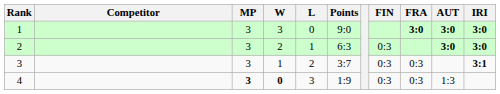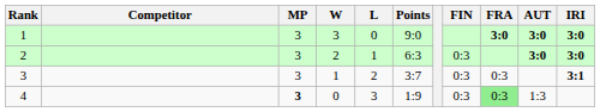 <table class="wikitable" style="text-align:center">
 <tr>
 <th>Rank</th>
 <th style="width:18em">Competitor</th>
 <th style="width:2.5em">MP</th>
 <th style="width:2.5em">W</th>
 <th style="width:2.5em">L</th>
 <th>Points</th>
 <th rowspan="5"> </th>
 <th style="width:2.5em">FIN</th>
 <th style="width:2.5em">FRA</th>
 <th style="width:2.5em">AUT</th>
 <th style="width:2.5em">IRI</th>
 </tr>
 <tr style="background:#cfc;">
 <td>1</td>
 <td style="text-align:left"></td>
 <td>3</td>
 <td>3</td>
 <td>0</td>
 <td>9:0</td>
 <td></td>
 <td><strong>3:0</strong></td>
 <td><strong>3:0</strong></td>
 <td><strong>3:0</strong></td>
 </tr>
 <tr style="background:#cfc;">
 <td>2</td>
 <td style="text-align:left"></td>
 <td>3</td>
 <td>2</td>
 <td>1</td>
 <td>6:3</td>
 <td>0:3</td>
 <td></td>
 <td><strong>3:0</strong></td>
 <td><strong>3:0</strong></td>
 </tr>
 <tr>
 <td>3</td>
 <td style="text-align:left"></td>
 <td>3</td>
 <td>1</td>
 <td>2</td>
 <td>3:7</td>
 <td>0:3</td>
 <td>0:3</td>
 <td></td>
 <td><strong>3:1</strong></td>
 </tr>
 <tr>
 <td>4</td>
 <td style="text-align:left"></td>
 <td><strong>3</strong></td>
-<td><strong>0</strong></td>
+<td>0</td>
 <td>3</td>
 <td>1:9</td>
 <td>0:3</td>
-<td>0:3</td>
+<td style="background: lightgreen;">0:3</td>
 <td>1:3</td>
 <td></td>
 </tr>
 </table>
